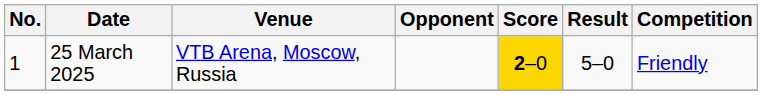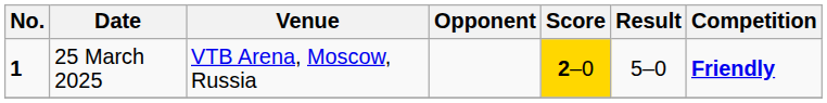 <table class="wikitable">
 <tr>
 <th>No.</th>
 <th>Date</th>
 <th>Venue</th>
 <th>Opponent</th>
 <th>Score</th>
 <th>Result</th>
 <th>Competition</th>
 </tr>
 <tr>
-<td>1</td>
+<td><strong>1</strong></td>
 <td>25 March 2025</td>
 <td><a href='#'>VTB Arena</a>, <a href='#'>Moscow</a>, Russia</td>
 <td></td>
 <td align=center style="background: gold;"><strong>2</strong>–0</td>
 <td align=center>5–0</td>
-<td rowspan=1><a href='#'>Friendly</a></td>
+<td rowspan=1><strong><a href='#'>Friendly</a></strong></td>
 </tr>
 <tr>
 </tr>
 </table>
